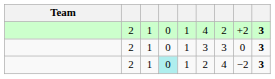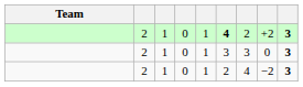 <table class="wikitable" style="text-align: center;">
 <tr>
 <th width="165">Team</th>
 <th width="20"></th>
 <th width="20"></th>
 <th width="20"></th>
 <th width="20"></th>
 <th width="20"></th>
 <th width="20"></th>
 <th width="20"></th>
 <th width="20"></th>
 </tr>
 <tr bgcolor="#ccffcc">
 <td align=left></td>
 <td>2</td>
 <td>1</td>
 <td>0</td>
 <td>1</td>
-<td>4</td>
+<td><strong>4</strong></td>
 <td>2</td>
 <td>+2</td>
 <td><strong>3</strong></td>
 </tr>
 <tr>
 <td align=left></td>
 <td>2</td>
 <td>1</td>
 <td>0</td>
 <td>1</td>
 <td>3</td>
 <td>3</td>
 <td>0</td>
 <td><strong>3</strong></td>
 </tr>
 <tr>
 <td align=left></td>
 <td>2</td>
 <td>1</td>
-<td style="background: paleturquoise;">0</td>
+<td>0</td>
 <td>1</td>
 <td>2</td>
 <td>4</td>
 <td>−2</td>
 <td><strong>3</strong></td>
 </tr>
 </table>
